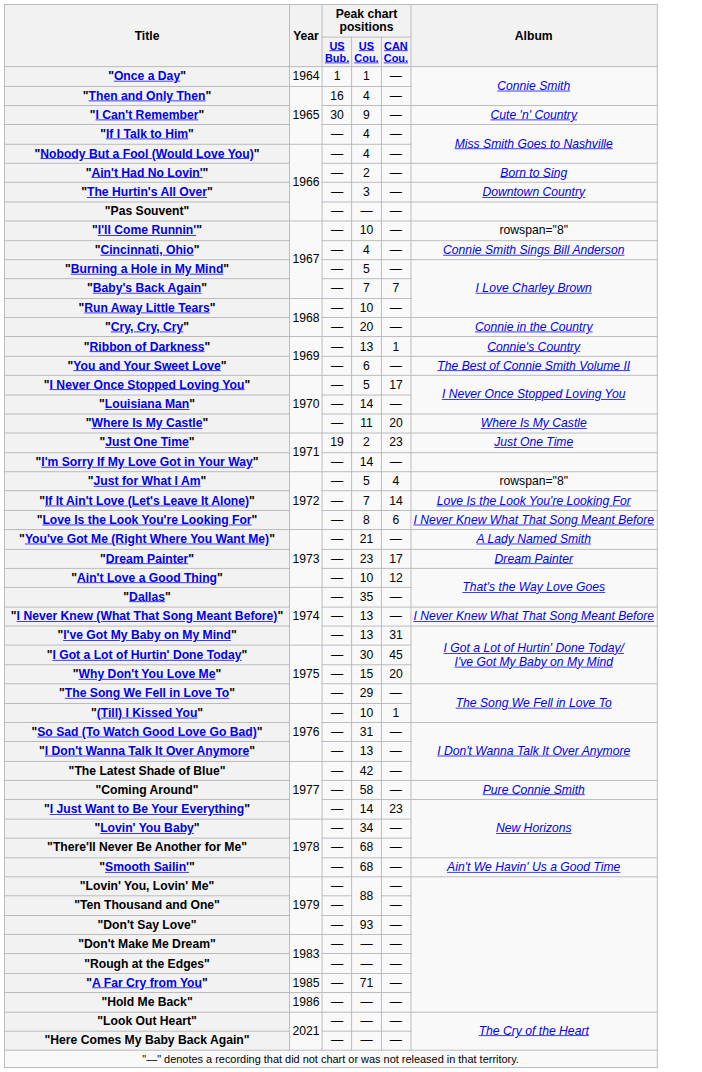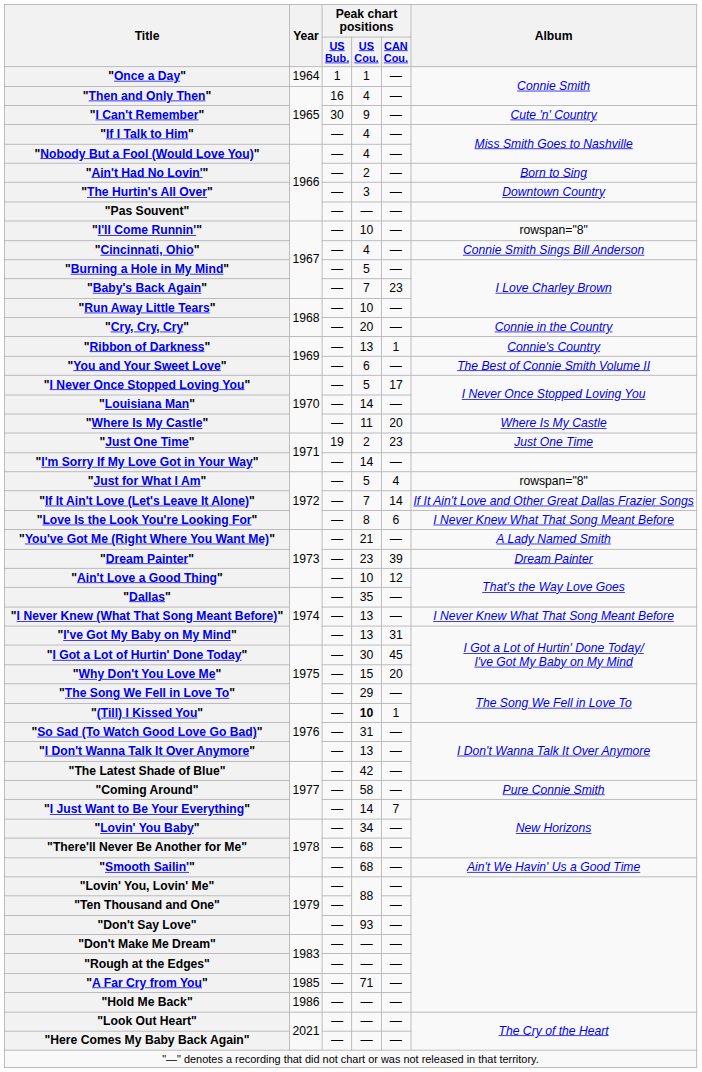 <table class="wikitable plainrowheaders" style="text-align:center;" border="1">
 <tr>
 <th scope="col" rowspan="2" style="width:23em;">Title</th>
 <th scope="col" rowspan="2">Year</th>
 <th scope="col" colspan="3">Peak chart<br>positions</th>
 <th scope="col" rowspan="2">Album</th>
 </tr>
 <tr>
 <th scope="col" style="width:2em;font-size:90%;"><a href='#'>US<br>Bub.</a><br></th>
 <th scope="col" style="width:2em;font-size:90%;"><a href='#'>US<br>Cou.</a><br></th>
 <th scope="col" style="width:2em;font-size:90%;"><a href='#'>CAN<br>Cou.</a><br></th>
 </tr>
 <tr>
 <th scope="row">"<a href='#'>Once a Day</a>"</th>
 <td>1964</td>
 <td>1</td>
 <td>1</td>
 <td>—</td>
 <td rowspan="2"><em><a href='#'>Connie Smith</a></em></td>
 </tr>
 <tr>
 <th scope="row">"<a href='#'>Then and Only Then</a>"</th>
 <td rowspan="3">1965</td>
 <td>16</td>
 <td>4</td>
 <td>—</td>
 </tr>
 <tr>
 <th scope="row">"<a href='#'>I Can't Remember</a>"</th>
 <td>30</td>
 <td>9</td>
 <td>—</td>
 <td><em><a href='#'>Cute 'n' Country</a></em></td>
 </tr>
 <tr>
 <th scope="row">"<a href='#'>If I Talk to Him</a>"</th>
 <td>—</td>
 <td>4</td>
 <td>—</td>
 <td rowspan="2"><em><a href='#'>Miss Smith Goes to Nashville</a></em></td>
 </tr>
 <tr>
 <th scope="row">"<a href='#'>Nobody But a Fool (Would Love You)</a>"</th>
 <td rowspan="4">1966</td>
 <td>—</td>
 <td>4</td>
 <td>—</td>
 </tr>
 <tr>
 <th scope="row">"<a href='#'>Ain't Had No Lovin'</a>"</th>
 <td>—</td>
 <td>2</td>
 <td>—</td>
 <td><em><a href='#'>Born to Sing</a></em></td>
 </tr>
 <tr>
 <th scope="row">"<a href='#'>The Hurtin's All Over</a>"</th>
 <td>—</td>
 <td>3</td>
 <td>—</td>
 <td><em><a href='#'>Downtown Country</a></em></td>
 </tr>
 <tr>
 <th scope="row">"Pas Souvent"</th>
 <td>—</td>
 <td>—</td>
 <td>—</td>
 <td></td>
 </tr>
 <tr>
 <th scope="row">"<a href='#'>I'll Come Runnin'</a>"</th>
 <td rowspan="4">1967</td>
 <td>—</td>
 <td>10</td>
 <td>—</td>
 <td>rowspan="8" </td>
 </tr>
 <tr>
 <th scope="row">"<a href='#'>Cincinnati, Ohio</a>"</th>
 <td>—</td>
 <td>4</td>
 <td>—</td>
 <td><em><a href='#'>Connie Smith Sings Bill Anderson</a></em></td>
 </tr>
 <tr>
 <th scope="row">"<a href='#'>Burning a Hole in My Mind</a>"</th>
 <td>—</td>
 <td>5</td>
 <td>—</td>
 <td rowspan="3"><em><a href='#'>I Love Charley Brown</a></em></td>
 </tr>
 <tr>
 <th scope="row">"<a href='#'>Baby's Back Again</a>"</th>
 <td>—</td>
 <td>7</td>
-<td>7</td>
+<td>23</td>
 </tr>
 <tr>
 <th scope="row">"<a href='#'>Run Away Little Tears</a>"</th>
 <td rowspan="2">1968</td>
 <td>—</td>
 <td>10</td>
 <td>—</td>
 </tr>
 <tr>
 <th scope="row">"<a href='#'>Cry, Cry, Cry</a>"</th>
 <td>—</td>
 <td>20</td>
 <td>—</td>
 <td><em><a href='#'>Connie in the Country</a></em></td>
 </tr>
 <tr>
 <th scope="row">"<a href='#'>Ribbon of Darkness</a>"</th>
 <td rowspan="2">1969</td>
 <td>—</td>
 <td>13</td>
 <td>1</td>
 <td><em><a href='#'>Connie's Country</a></em></td>
 </tr>
 <tr>
 <th scope="row">"<a href='#'>You and Your Sweet Love</a>"</th>
 <td>—</td>
 <td>6</td>
 <td>—</td>
 <td><em><a href='#'>The Best of Connie Smith Volume II</a></em></td>
 </tr>
 <tr>
 <th scope="row">"<a href='#'>I Never Once Stopped Loving You</a>"</th>
 <td rowspan="3">1970</td>
 <td>—</td>
 <td>5</td>
 <td>17</td>
 <td rowspan="2"><em><a href='#'>I Never Once Stopped Loving You</a></em></td>
 </tr>
 <tr>
 <th scope="row">"<a href='#'>Louisiana Man</a>"</th>
 <td>—</td>
 <td>14</td>
 <td>—</td>
 </tr>
 <tr>
 <th scope="row">"<a href='#'>Where Is My Castle</a>"</th>
 <td>—</td>
 <td>11</td>
 <td>20</td>
 <td><em><a href='#'>Where Is My Castle</a></em></td>
 </tr>
 <tr>
 <th scope="row">"<a href='#'>Just One Time</a>"</th>
 <td rowspan="2">1971</td>
 <td>19</td>
 <td>2</td>
 <td>23</td>
 <td><em><a href='#'>Just One Time</a></em></td>
 </tr>
 <tr>
 <th scope="row">"<a href='#'>I'm Sorry If My Love Got in Your Way</a>"</th>
 <td>—</td>
 <td>14</td>
 <td>—</td>
 <td></td>
 </tr>
 <tr>
 <th scope="row">"<a href='#'>Just for What I Am</a>"</th>
 <td rowspan="3">1972</td>
 <td>—</td>
 <td>5</td>
 <td>4</td>
 <td>rowspan="8" </td>
 </tr>
 <tr>
 <th scope="row">"<a href='#'>If It Ain't Love (Let's Leave It Alone)</a>"</th>
 <td>—</td>
 <td>7</td>
 <td>14</td>
-<td><em><a href='#'>Love Is the Look You're Looking For</a></em></td>
+<td><em><a href='#'>If It Ain't Love and Other Great Dallas Frazier Songs</a></em></td>
 </tr>
 <tr>
 <th scope="row">"<a href='#'>Love Is the Look You're Looking For</a>"</th>
 <td>—</td>
 <td>8</td>
 <td>6</td>
 <td><em><a href='#'>I Never Knew What That Song Meant Before</a></em></td>
 </tr>
 <tr>
 <th scope="row">"<a href='#'>You've Got Me (Right Where You Want Me)</a>"</th>
 <td rowspan="3">1973</td>
 <td>—</td>
 <td>21</td>
 <td>—</td>
 <td><em><a href='#'>A Lady Named Smith</a></em></td>
 </tr>
 <tr>
 <th scope="row">"<a href='#'>Dream Painter</a>"</th>
 <td>—</td>
 <td>23</td>
-<td>17</td>
+<td>39</td>
 <td><em><a href='#'>Dream Painter</a></em></td>
 </tr>
 <tr>
 <th scope="row">"<a href='#'>Ain't Love a Good Thing</a>"</th>
 <td>—</td>
 <td>10</td>
 <td>12</td>
 <td rowspan="2"><em><a href='#'>That's the Way Love Goes</a></em></td>
 </tr>
 <tr>
 <th scope="row">"<a href='#'>Dallas</a>"</th>
 <td rowspan="3">1974</td>
 <td>—</td>
 <td>35</td>
 <td>—</td>
 </tr>
 <tr>
 <th scope="row">"<a href='#'>I Never Knew (What That Song Meant Before)</a>"</th>
 <td>—</td>
 <td>13</td>
 <td>—</td>
 <td><em><a href='#'>I Never Knew What That Song Meant Before</a></em></td>
 </tr>
 <tr>
 <th scope="row">"<a href='#'>I've Got My Baby on My Mind</a>"</th>
 <td>—</td>
 <td>13</td>
 <td>31</td>
 <td rowspan="3"><em><a href='#'>I Got a Lot of Hurtin' Done Today/<br>I've Got My Baby on My Mind</a></em></td>
 </tr>
 <tr>
 <th scope="row">"<a href='#'>I Got a Lot of Hurtin' Done Today</a>"</th>
 <td rowspan="3">1975</td>
 <td>—</td>
 <td>30</td>
 <td>45</td>
 </tr>
 <tr>
 <th scope="row">"<a href='#'>Why Don't You Love Me</a>"</th>
 <td>—</td>
 <td>15</td>
 <td>20</td>
 </tr>
 <tr>
 <th scope="row">"<a href='#'>The Song We Fell in Love To</a>"</th>
 <td>—</td>
 <td>29</td>
 <td>—</td>
 <td rowspan="2"><em><a href='#'>The Song We Fell in Love To</a></em></td>
 </tr>
 <tr>
 <th scope="row">"<a href='#'>(Till) I Kissed You</a>"</th>
 <td rowspan="3">1976</td>
 <td>—</td>
-<td>10</td>
+<td><strong>10</strong></td>
 <td>1</td>
 </tr>
 <tr>
 <th scope="row">"<a href='#'>So Sad (To Watch Good Love Go Bad)</a>"</th>
 <td>—</td>
 <td>31</td>
 <td>—</td>
 <td rowspan="3"><em><a href='#'>I Don't Wanna Talk It Over Anymore</a></em></td>
 </tr>
 <tr>
 <th scope="row">"<a href='#'>I Don't Wanna Talk It Over Anymore</a>"</th>
 <td>—</td>
 <td>13</td>
 <td>—</td>
 </tr>
 <tr>
 <th scope="row">"The Latest Shade of Blue"</th>
 <td rowspan="3">1977</td>
 <td>—</td>
 <td>42</td>
 <td>—</td>
 </tr>
 <tr>
 <th scope="row">"Coming Around"</th>
 <td>—</td>
 <td>58</td>
 <td>—</td>
 <td><em><a href='#'>Pure Connie Smith</a></em></td>
 </tr>
 <tr>
 <th scope="row">"<a href='#'>I Just Want to Be Your Everything</a>"</th>
 <td>—</td>
 <td>14</td>
-<td>23</td>
+<td>7</td>
 <td rowspan="3"><em><a href='#'>New Horizons</a></em></td>
 </tr>
 <tr>
 <th scope="row">"<a href='#'>Lovin' You Baby</a>"</th>
 <td rowspan="3">1978</td>
 <td>—</td>
 <td>34</td>
 <td>—</td>
 </tr>
 <tr>
 <th scope="row">"There'll Never Be Another for Me"</th>
 <td>—</td>
 <td>68</td>
 <td>—</td>
 </tr>
 <tr>
 <th scope="row">"<a href='#'>Smooth Sailin'</a>"</th>
 <td>—</td>
 <td>68</td>
 <td>—</td>
 <td><em><a href='#'>Ain't We Havin' Us a Good Time</a></em></td>
 </tr>
 <tr>
 <th scope="row">"Lovin' You, Lovin' Me"</th>
 <td rowspan="3">1979</td>
 <td>—</td>
 <td rowspan="2">88</td>
 <td>—</td>
 </tr>
 <tr>
 <th scope="row">"Ten Thousand and One"</th>
 <td>—</td>
 <td>—</td>
 </tr>
 <tr>
 <th scope="row">"Don't Say Love"</th>
 <td>—</td>
 <td>93</td>
 <td>—</td>
 </tr>
 <tr>
 <th scope="row">"Don't Make Me Dream"</th>
 <td rowspan="2">1983</td>
 <td>—</td>
 <td>—</td>
 <td>—</td>
 </tr>
 <tr>
 <th scope="row">"Rough at the Edges"</th>
 <td>—</td>
 <td>—</td>
 <td>—</td>
 </tr>
 <tr>
 <th scope="row">"<a href='#'>A Far Cry from You</a>"</th>
 <td>1985</td>
 <td>—</td>
 <td>71</td>
 <td>—</td>
 </tr>
 <tr>
 <th scope="row">"Hold Me Back"</th>
 <td>1986</td>
 <td>—</td>
 <td>—</td>
 <td>—</td>
 </tr>
 <tr>
 <th scope="row">"Look Out Heart"</th>
 <td rowspan = "2">2021</td>
 <td>—</td>
 <td>—</td>
 <td>—</td>
 <td rowspan = "2"><em><a href='#'>The Cry of the Heart</a></em></td>
 </tr>
 <tr>
 <th scope = "row">"Here Comes My Baby Back Again"</th>
 <td>—</td>
 <td>—</td>
 <td>—</td>
 </tr>
 <tr>
 <td colspan="6" style="font-size:90%">"—" denotes a recording that did not chart or was not released in that territory.</td>
 </tr>
 </table>
